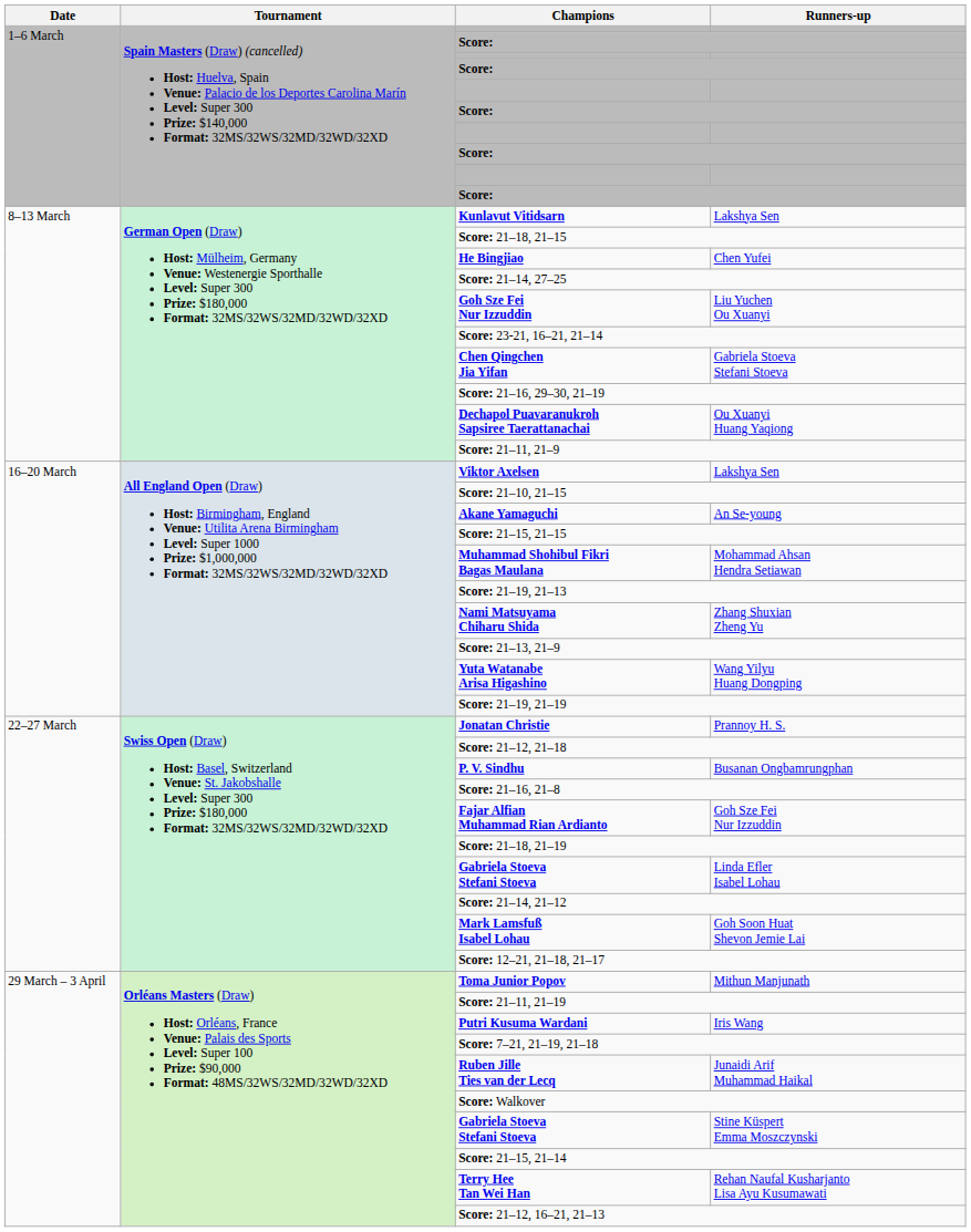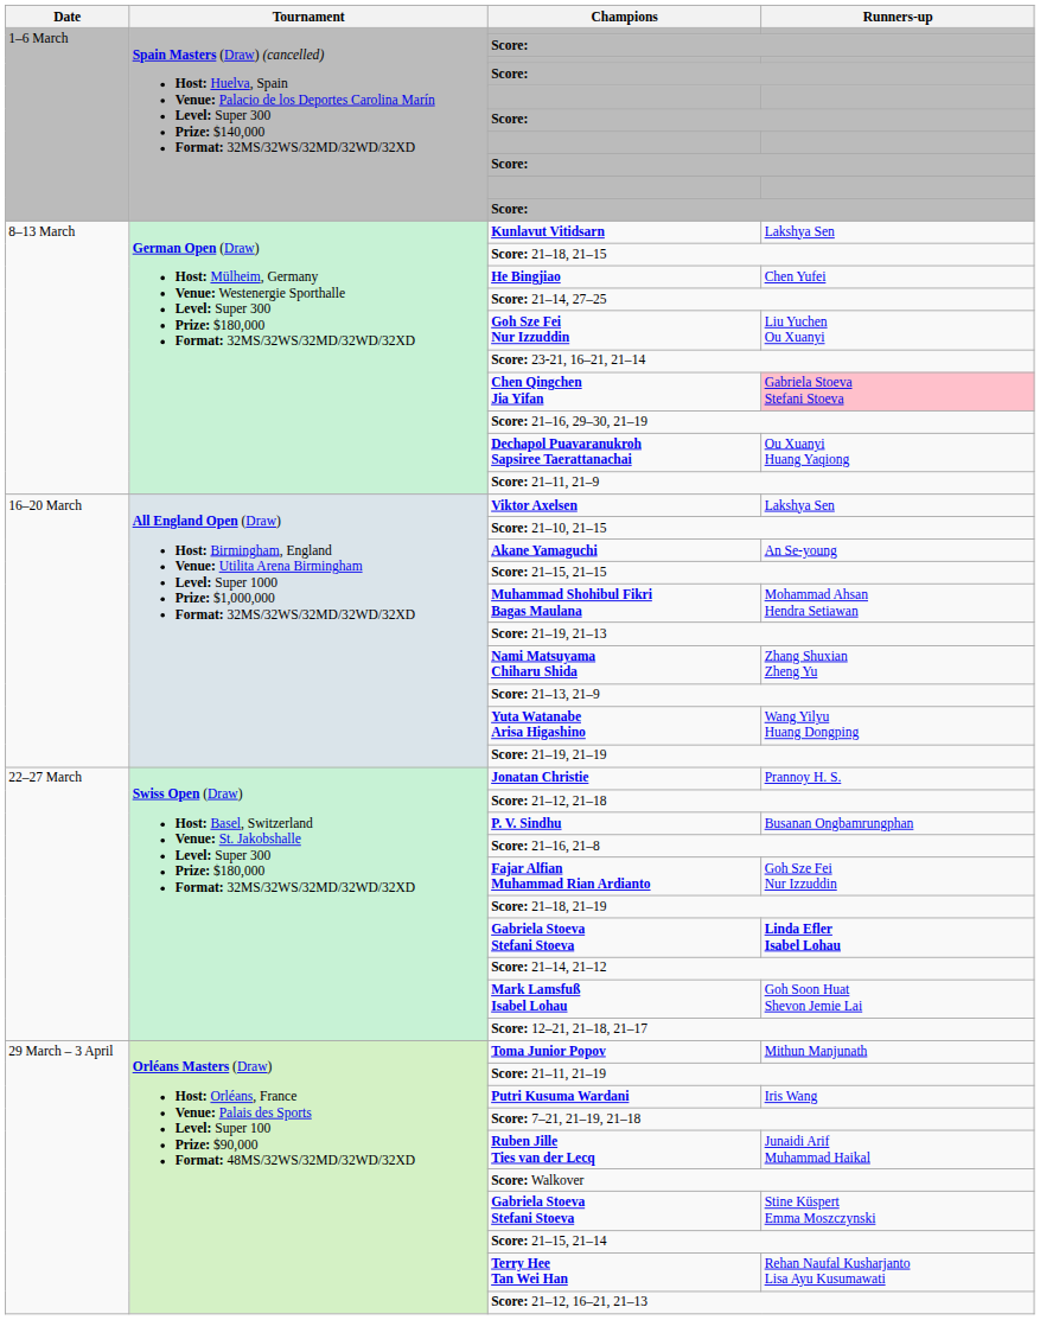 <table class="wikitable" style="font-size:80%">
 <tr>
 <th width="110">Date</th>
 <th width="330">Tournament</th>
 <th width="250">Champions</th>
 <th width="250">Runners-up</th>
 </tr>
 <tr valign="top" bgcolor="#BBBBBB">
 <td rowspan="10">1–6 March</td>
 <td rowspan="10"><br><strong><a href='#'>Spain Masters</a></strong> (<a href='#'>Draw</a>) <em>(cancelled)</em><ul><li><strong>Host:</strong> <a href='#'>Huelva</a>, Spain</li><li><strong>Venue:</strong> <a href='#'>Palacio de los Deportes Carolina Marín</a></li><li><strong>Level:</strong> Super 300</li><li><strong>Prize:</strong> $140,000</li><li><strong>Format:</strong> 32MS/32WS/32MD/32WD/32XD</li></ul></td>
 <td><strong></strong></td>
 <td></td>
 </tr>
 <tr bgcolor="#BBBBBB">
 <td colspan="2"><strong>Score:</strong></td>
 </tr>
 <tr valign="top"bgcolor="#BBBBBB">
 <td><strong></strong></td>
 <td></td>
 </tr>
 <tr bgcolor="#BBBBBB">
 <td colspan="2"><strong>Score:</strong></td>
 </tr>
 <tr valign="top"bgcolor="#BBBBBB">
 <td><strong><br></strong></td>
 <td><br></td>
 </tr>
 <tr bgcolor="#BBBBBB">
 <td colspan="2"><strong>Score:</strong></td>
 </tr>
 <tr valign="top"bgcolor="#BBBBBB">
 <td><strong><br></strong></td>
 <td><br></td>
 </tr>
 <tr bgcolor="#BBBBBB">
 <td colspan="2"><strong>Score:</strong></td>
 </tr>
 <tr valign="top"bgcolor="#BBBBBB">
 <td><strong><br></strong></td>
 <td><br></td>
 </tr>
 <tr bgcolor="#BBBBBB">
 <td colspan="2"><strong>Score:</strong></td>
 </tr>
 <tr valign="top">
 <td rowspan="10">8–13 March</td>
 <td bgcolor="#C7F2D5" rowspan="10"><br><strong><a href='#'>German Open</a></strong> (<a href='#'>Draw</a>)<ul><li><strong>Host:</strong> <a href='#'>Mülheim</a>, Germany</li><li><strong>Venue:</strong> Westenergie Sporthalle</li><li><strong>Level:</strong> Super 300</li><li><strong>Prize:</strong> $180,000</li><li><strong>Format:</strong> 32MS/32WS/32MD/32WD/32XD</li></ul></td>
 <td><strong> <a href='#'>Kunlavut Vitidsarn</a></strong></td>
 <td> <a href='#'>Lakshya Sen</a></td>
 </tr>
 <tr>
 <td colspan="2"><strong>Score:</strong> 21–18, 21–15</td>
 </tr>
 <tr valign="top">
 <td><strong> <a href='#'>He Bingjiao</a></strong></td>
 <td> <a href='#'>Chen Yufei</a></td>
 </tr>
 <tr>
 <td colspan="2"><strong>Score:</strong> 21–14, 27–25</td>
 </tr>
 <tr valign="top">
 <td><strong> <a href='#'>Goh Sze Fei</a><br> <a href='#'>Nur Izzuddin</a></strong></td>
 <td> <a href='#'>Liu Yuchen</a><br> <a href='#'>Ou Xuanyi</a></td>
 </tr>
 <tr>
 <td colspan="2"><strong>Score:</strong> 23-21, 16–21, 21–14</td>
 </tr>
 <tr valign="top">
 <td><strong> <a href='#'>Chen Qingchen</a><br> <a href='#'>Jia Yifan</a></strong></td>
-<td> <a href='#'>Gabriela Stoeva</a><br> <a href='#'>Stefani Stoeva</a></td>
+<td style="background: pink;"> <a href='#'>Gabriela Stoeva</a><br> <a href='#'>Stefani Stoeva</a></td>
 </tr>
 <tr>
 <td colspan="2"><strong>Score:</strong> 21–16, 29–30, 21–19</td>
 </tr>
 <tr valign="top">
 <td><strong> <a href='#'>Dechapol Puavaranukroh</a> <br> <a href='#'>Sapsiree Taerattanachai</a></strong></td>
 <td> <a href='#'>Ou Xuanyi</a><br> <a href='#'>Huang Yaqiong</a></td>
 </tr>
 <tr>
 <td colspan="2"><strong>Score:</strong> 21–11, 21–9</td>
 </tr>
 <tr valign="top">
 <td rowspan="10">16–20 March</td>
 <td bgcolor="#DAE4EA" rowspan="10"><br><strong><a href='#'>All England Open</a></strong> (<a href='#'>Draw</a>)<ul><li><strong>Host:</strong> <a href='#'>Birmingham</a>, England</li><li><strong>Venue:</strong> <a href='#'>Utilita Arena Birmingham</a></li><li><strong>Level:</strong> Super 1000</li><li><strong>Prize:</strong> $1,000,000</li><li><strong>Format:</strong> 32MS/32WS/32MD/32WD/32XD</li></ul></td>
 <td><strong> <a href='#'>Viktor Axelsen</a></strong></td>
 <td> <a href='#'>Lakshya Sen</a></td>
 </tr>
 <tr>
 <td colspan="2"><strong>Score:</strong> 21–10, 21–15</td>
 </tr>
 <tr valign="top">
 <td><strong> <a href='#'>Akane Yamaguchi</a></strong></td>
 <td> <a href='#'>An Se-young</a></td>
 </tr>
 <tr>
 <td colspan="2"><strong>Score:</strong> 21–15, 21–15</td>
 </tr>
 <tr valign="top">
 <td><strong> <a href='#'>Muhammad Shohibul Fikri</a><br> <a href='#'>Bagas Maulana</a></strong></td>
 <td> <a href='#'>Mohammad Ahsan</a><br> <a href='#'>Hendra Setiawan</a></td>
 </tr>
 <tr>
 <td colspan="2"><strong>Score:</strong> 21–19, 21–13</td>
 </tr>
 <tr valign="top">
 <td><strong> <a href='#'>Nami Matsuyama</a><br> <a href='#'>Chiharu Shida</a></strong></td>
 <td> <a href='#'>Zhang Shuxian</a><br> <a href='#'>Zheng Yu</a></td>
 </tr>
 <tr>
 <td colspan="2"><strong>Score:</strong> 21–13, 21–9</td>
 </tr>
 <tr valign="top">
 <td><strong> <a href='#'>Yuta Watanabe</a><br> <a href='#'>Arisa Higashino</a></strong></td>
 <td> <a href='#'>Wang Yilyu</a><br> <a href='#'>Huang Dongping</a></td>
 </tr>
 <tr>
 <td colspan="2"><strong>Score:</strong> 21–19, 21–19</td>
 </tr>
 <tr valign="top">
 <td rowspan="10">22–27 March</td>
 <td bgcolor="#C7F2D5" rowspan="10"><br><strong><a href='#'>Swiss Open</a></strong> (<a href='#'>Draw</a>)<ul><li><strong>Host:</strong> <a href='#'>Basel</a>, Switzerland</li><li><strong>Venue:</strong> <a href='#'>St. Jakobshalle</a></li><li><strong>Level:</strong> Super 300</li><li><strong>Prize:</strong> $180,000</li><li><strong>Format:</strong> 32MS/32WS/32MD/32WD/32XD</li></ul></td>
 <td><strong> <a href='#'>Jonatan Christie</a></strong></td>
 <td> <a href='#'>Prannoy H. S.</a></td>
 </tr>
 <tr>
 <td colspan="2"><strong>Score:</strong> 21–12, 21–18</td>
 </tr>
 <tr valign="top">
 <td><strong> <a href='#'>P. V. Sindhu</a></strong></td>
 <td> <a href='#'>Busanan Ongbamrungphan</a></td>
 </tr>
 <tr>
 <td colspan="2"><strong>Score:</strong> 21–16, 21–8</td>
 </tr>
 <tr valign="top">
 <td><strong> <a href='#'>Fajar Alfian</a><br> <a href='#'>Muhammad Rian Ardianto</a></strong></td>
 <td> <a href='#'>Goh Sze Fei</a><br> <a href='#'>Nur Izzuddin</a></td>
 </tr>
 <tr>
 <td colspan="2"><strong>Score:</strong> 21–18, 21–19</td>
 </tr>
 <tr valign="top">
 <td><strong> <a href='#'>Gabriela Stoeva</a><br> <a href='#'>Stefani Stoeva</a></strong></td>
-<td> <a href='#'>Linda Efler</a><br> <a href='#'>Isabel Lohau</a></td>
+<td><strong> <a href='#'>Linda Efler</a><br> <a href='#'>Isabel Lohau</a></strong></td>
 </tr>
 <tr>
 <td colspan="2"><strong>Score:</strong> 21–14, 21–12</td>
 </tr>
 <tr valign="top">
 <td><strong> <a href='#'>Mark Lamsfuß</a><br> <a href='#'>Isabel Lohau</a></strong></td>
 <td> <a href='#'>Goh Soon Huat</a><br> <a href='#'>Shevon Jemie Lai</a></td>
 </tr>
 <tr>
 <td colspan="2"><strong>Score:</strong> 12–21, 21–18, 21–17</td>
 </tr>
 <tr valign="top">
 <td rowspan="10">29 March – 3 April</td>
 <td bgcolor="#D4F1C5" rowspan="10"><br><strong><a href='#'>Orléans Masters</a></strong> (<a href='#'>Draw</a>)<ul><li><strong>Host:</strong> <a href='#'>Orléans</a>, France</li><li><strong>Venue:</strong> <a href='#'>Palais des Sports</a></li><li><strong>Level:</strong> Super 100</li><li><strong>Prize:</strong> $90,000</li><li><strong>Format:</strong> 48MS/32WS/32MD/32WD/32XD</li></ul></td>
 <td><strong> <a href='#'>Toma Junior Popov</a></strong></td>
 <td> <a href='#'>Mithun Manjunath</a></td>
 </tr>
 <tr>
 <td colspan="2"><strong>Score:</strong> 21–11, 21–19</td>
 </tr>
 <tr valign="top">
 <td><strong> <a href='#'>Putri Kusuma Wardani</a></strong></td>
 <td> <a href='#'>Iris Wang</a></td>
 </tr>
 <tr>
 <td colspan="2"><strong>Score:</strong> 7–21, 21–19, 21–18</td>
 </tr>
 <tr valign="top">
 <td><strong> <a href='#'>Ruben Jille</a><br> <a href='#'>Ties van der Lecq</a></strong></td>
 <td> <a href='#'>Junaidi Arif</a><br> <a href='#'>Muhammad Haikal</a></td>
 </tr>
 <tr>
 <td colspan="2"><strong>Score:</strong> Walkover</td>
 </tr>
 <tr valign="top">
 <td><strong> <a href='#'>Gabriela Stoeva</a><br> <a href='#'>Stefani Stoeva</a></strong></td>
 <td> <a href='#'>Stine Küspert</a><br> <a href='#'>Emma Moszczynski</a></td>
 </tr>
 <tr>
 <td colspan="2"><strong>Score:</strong> 21–15, 21–14</td>
 </tr>
 <tr valign="top">
 <td><strong> <a href='#'>Terry Hee</a><br> <a href='#'>Tan Wei Han</a></strong></td>
 <td> <a href='#'>Rehan Naufal Kusharjanto</a><br> <a href='#'>Lisa Ayu Kusumawati</a></td>
 </tr>
 <tr>
 <td colspan="2"><strong>Score:</strong> 21–12, 16–21, 21–13</td>
 </tr>
 </table>
